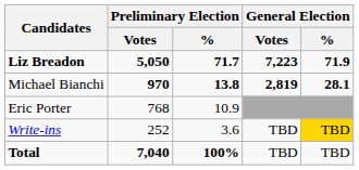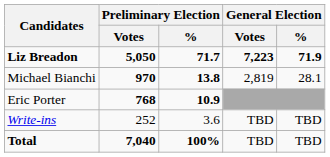 <table class=wikitable>
 <tr>
 <th colspan=1 rowspan=2><strong>Candidates</strong></th>
 <th colspan=2><strong>Preliminary Election</strong></th>
 <th colspan=2><strong>General Election</strong></th>
 </tr>
 <tr>
 <th>Votes</th>
 <th>%</th>
 <th>Votes</th>
 <th>%</th>
 </tr>
 <tr>
 <td><strong>Liz Breadon</strong></td>
 <td align="right"><strong>5,050</strong></td>
 <td align="right"><strong>71.7</strong></td>
 <td align="right"><strong>7,223</strong></td>
 <td align="right"><strong>71.9</strong></td>
 </tr>
 <tr>
 <td>Michael Bianchi</td>
 <td align="right"><strong>970</strong></td>
 <td align="right"><strong>13.8</strong></td>
-<td align="right"><strong>2,819</strong></td>
-<td align="right"><strong>28.1</strong></td>
+<td align="right">2,819</td>
+<td align="right">28.1</td>
 </tr>
 <tr>
 <td>Eric Porter</td>
-<td align="right">768</td>
-<td align="right">10.9</td>
+<td align="right"><strong>768</strong></td>
+<td align="right"><strong>10.9</strong></td>
 <td colspan=2 bgcolor=darkgray> </td>
 </tr>
 <tr>
 <td><em><a href='#'>Write-ins</a></em></td>
 <td align="right">252</td>
 <td align="right">3.6</td>
 <td align="right">TBD</td>
-<td align="right" style="background: gold;">TBD</td>
+<td align="right">TBD</td>
 </tr>
 <tr>
 <td><strong>Total</strong></td>
 <td align="right"><strong>7,040</strong></td>
 <td align="right"><strong>100%</strong></td>
 <td align="right">TBD</td>
 <td align="right">TBD</td>
 </tr>
 </table>
